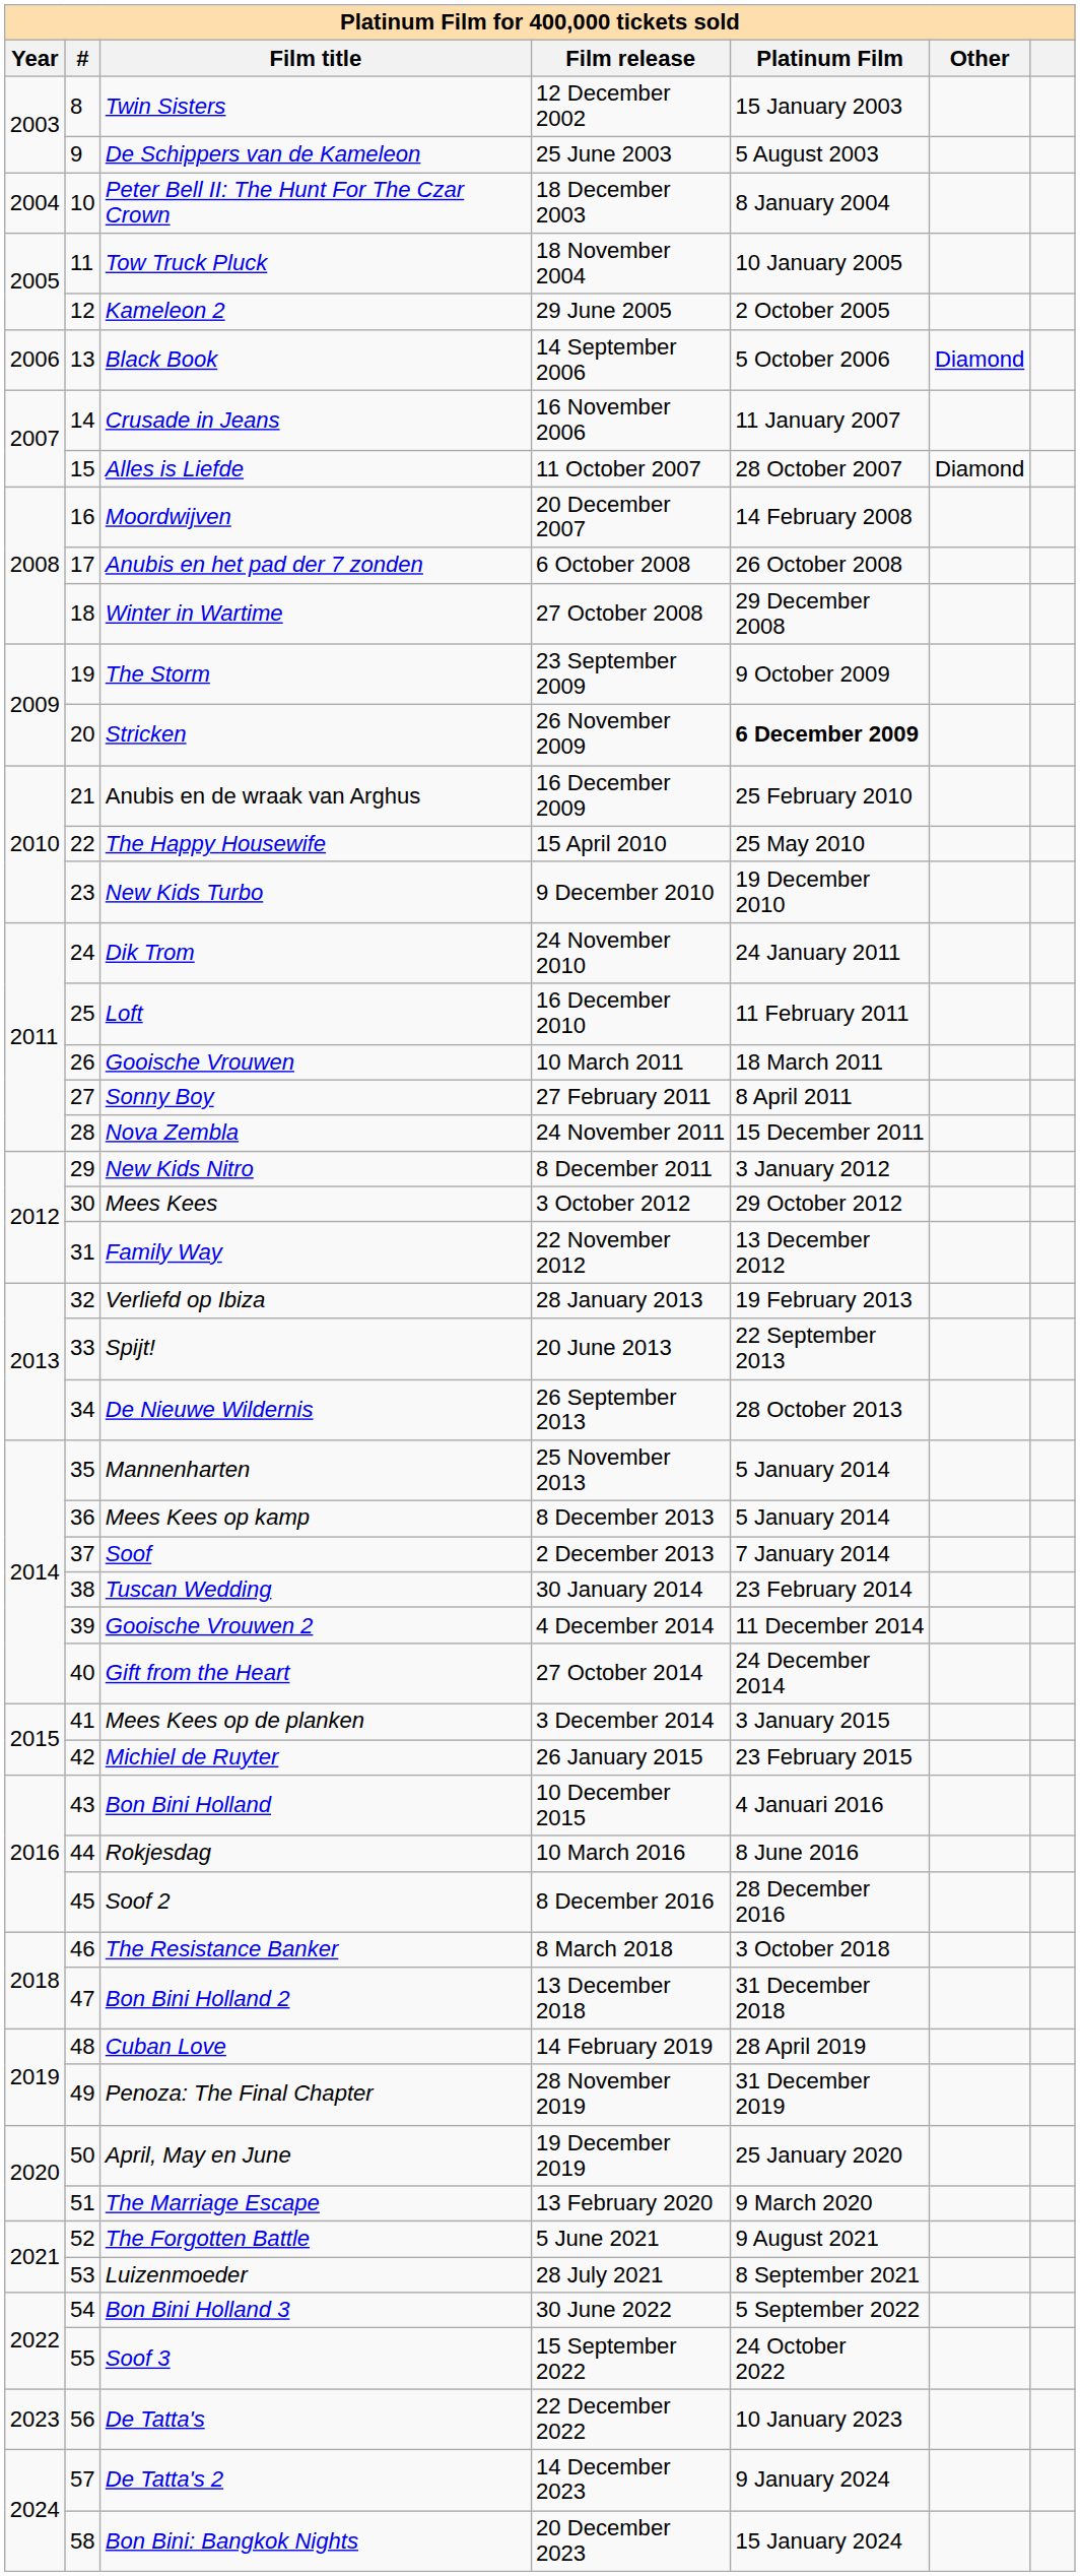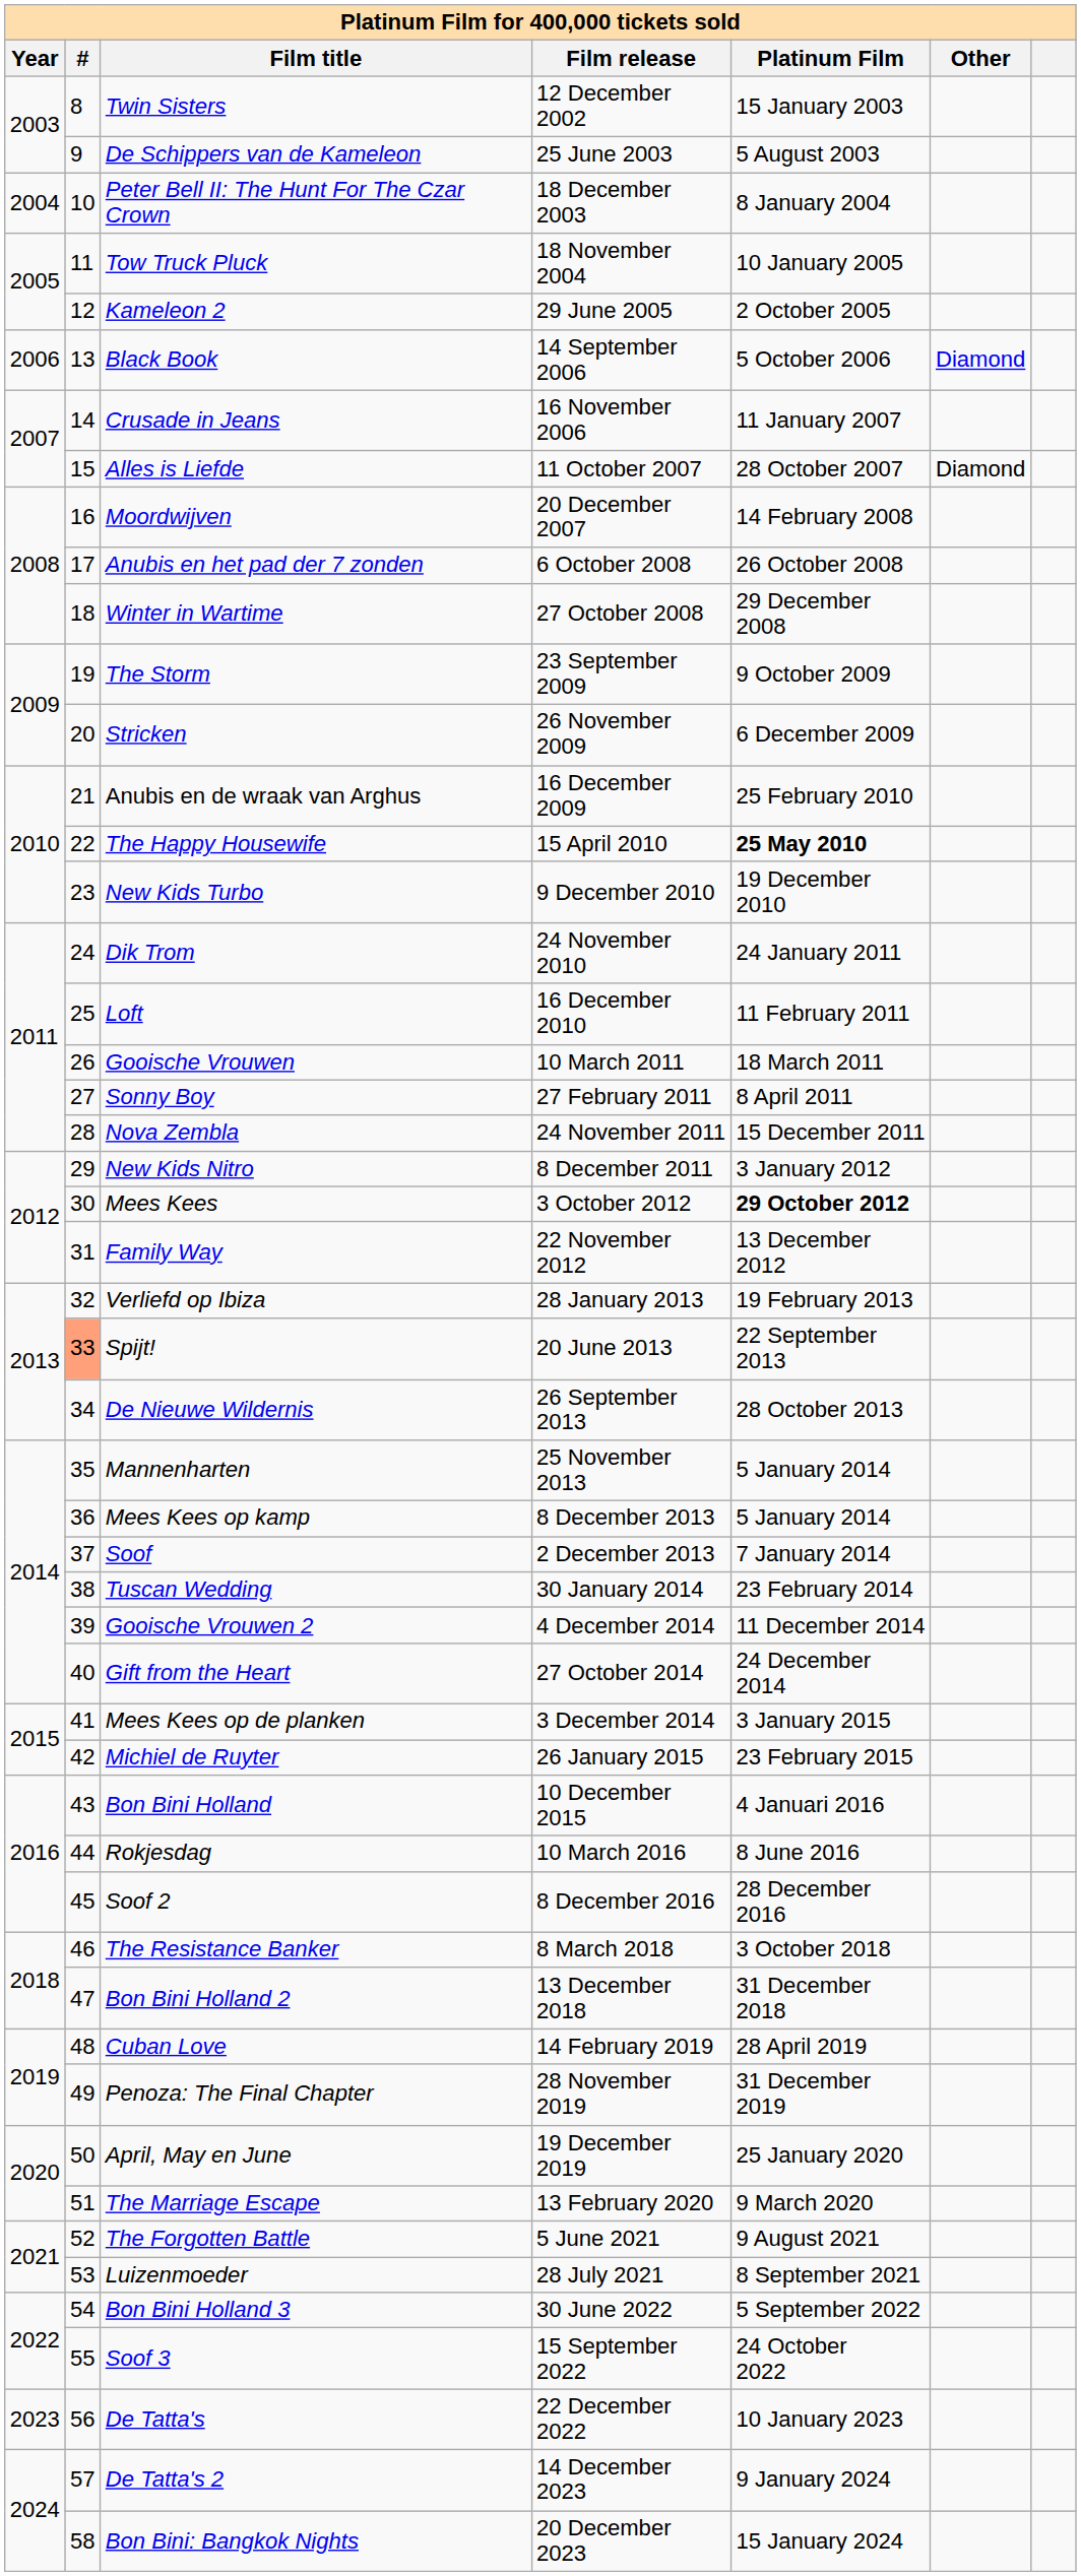 <table class="wikitable">
 <tr>
 <th colspan="7" style="background: #ffdead;">Platinum Film for 400,000 tickets sold</th>
 </tr>
 <tr>
 <th>Year</th>
 <th style="width: 10px;">#</th>
 <th style="width: 300px;">Film title</th>
 <th style="width: 135px;">Film release</th>
 <th style="width: 135px;">Platinum Film</th>
 <th style="width: 50px;" class="unsortable">Other</th>
 <th style="width: 25px;" class="unsortable"></th>
 </tr>
 <tr>
 <td rowspan="2">2003</td>
 <td>8</td>
 <td><em><a href='#'>Twin Sisters</a></em></td>
 <td>12 December 2002</td>
 <td>15 January 2003</td>
 <td></td>
 <td></td>
 </tr>
 <tr>
 <td>9</td>
 <td><em><a href='#'>De Schippers van de Kameleon</a></em></td>
 <td>25 June 2003</td>
 <td>5 August 2003</td>
 <td></td>
 <td></td>
 </tr>
 <tr>
 <td>2004</td>
 <td>10</td>
 <td><em><a href='#'>Peter Bell II: The Hunt For The Czar Crown</a></em></td>
 <td>18 December 2003</td>
 <td>8 January 2004</td>
 <td></td>
 <td></td>
 </tr>
 <tr>
 <td rowspan="2">2005</td>
 <td>11</td>
 <td><em><a href='#'>Tow Truck Pluck</a></em></td>
 <td>18 November 2004</td>
 <td>10 January 2005</td>
 <td></td>
 <td></td>
 </tr>
 <tr>
 <td>12</td>
 <td><em><a href='#'>Kameleon 2</a></em></td>
 <td>29 June 2005</td>
 <td>2 October 2005</td>
 <td></td>
 <td></td>
 </tr>
 <tr>
 <td>2006</td>
 <td>13</td>
 <td><em><a href='#'>Black Book</a></em></td>
 <td>14 September 2006</td>
 <td>5 October 2006</td>
 <td><a href='#'>Diamond</a></td>
 <td></td>
 </tr>
 <tr>
 <td rowspan="2">2007</td>
 <td>14</td>
 <td><em><a href='#'>Crusade in Jeans</a></em></td>
 <td>16 November 2006</td>
 <td>11 January 2007</td>
 <td></td>
 <td></td>
 </tr>
 <tr>
 <td>15</td>
 <td><em><a href='#'>Alles is Liefde</a></em></td>
 <td>11 October 2007</td>
 <td>28 October 2007</td>
 <td>Diamond</td>
 <td></td>
 </tr>
 <tr>
 <td rowspan="3">2008</td>
 <td>16</td>
 <td><em><a href='#'>Moordwijven</a></em></td>
 <td>20 December 2007</td>
 <td>14 February 2008</td>
 <td></td>
 <td></td>
 </tr>
 <tr>
 <td>17</td>
 <td><em><a href='#'>Anubis en het pad der 7 zonden</a></em></td>
 <td>6 October 2008</td>
 <td>26 October 2008</td>
 <td></td>
 <td></td>
 </tr>
 <tr>
 <td>18</td>
 <td><em><a href='#'>Winter in Wartime</a></em></td>
 <td>27 October 2008</td>
 <td>29 December 2008</td>
 <td></td>
 <td></td>
 </tr>
 <tr>
 <td rowspan="2">2009</td>
 <td>19</td>
 <td><em><a href='#'>The Storm</a></em></td>
 <td>23 September 2009</td>
 <td>9 October 2009</td>
 <td></td>
 <td></td>
 </tr>
 <tr>
 <td>20</td>
 <td><em><a href='#'>Stricken</a></em></td>
 <td>26 November 2009</td>
-<td><strong>6 December 2009</strong></td>
+<td>6 December 2009</td>
 <td></td>
 <td></td>
 </tr>
 <tr>
 <td rowspan="3">2010</td>
 <td>21</td>
 <td>Anubis en de wraak van Arghus</td>
 <td>16 December 2009</td>
 <td>25 February 2010</td>
 <td></td>
 <td></td>
 </tr>
 <tr>
 <td>22</td>
 <td><em><a href='#'>The Happy Housewife</a></em></td>
 <td>15 April 2010</td>
-<td>25 May 2010</td>
+<td><strong>25 May 2010</strong></td>
 <td></td>
 <td></td>
 </tr>
 <tr>
 <td>23</td>
 <td><em><a href='#'>New Kids Turbo</a></em></td>
 <td>9 December 2010</td>
 <td>19 December 2010</td>
 <td></td>
 <td></td>
 </tr>
 <tr>
 <td rowspan="5">2011</td>
 <td>24</td>
 <td><em><a href='#'>Dik Trom</a></em></td>
 <td>24 November 2010</td>
 <td>24 January 2011</td>
 <td></td>
 <td></td>
 </tr>
 <tr>
 <td>25</td>
 <td><em><a href='#'>Loft</a></em></td>
 <td>16 December 2010</td>
 <td>11 February 2011</td>
 <td></td>
 <td></td>
 </tr>
 <tr>
 <td>26</td>
 <td><em><a href='#'>Gooische Vrouwen</a></em></td>
 <td>10 March 2011</td>
 <td>18 March 2011</td>
 <td></td>
 <td></td>
 </tr>
 <tr>
 <td>27</td>
 <td><em><a href='#'>Sonny Boy</a></em></td>
 <td>27 February 2011</td>
 <td>8 April 2011</td>
 <td></td>
 <td></td>
 </tr>
 <tr>
 <td>28</td>
 <td><em><a href='#'>Nova Zembla</a></em></td>
 <td>24 November 2011</td>
 <td>15 December 2011</td>
 <td></td>
 <td></td>
 </tr>
 <tr>
 <td rowspan="3">2012</td>
 <td>29</td>
 <td><em><a href='#'>New Kids Nitro</a></em></td>
 <td>8 December 2011</td>
 <td>3 January 2012</td>
 <td></td>
 <td></td>
 </tr>
 <tr>
 <td>30</td>
 <td><em>Mees Kees</em></td>
 <td>3 October 2012</td>
-<td>29 October 2012</td>
+<td><strong>29 October 2012</strong></td>
 <td></td>
 <td></td>
 </tr>
 <tr>
 <td>31</td>
 <td><em><a href='#'>Family Way</a></em></td>
 <td>22 November 2012</td>
 <td>13 December 2012</td>
 <td></td>
 <td></td>
 </tr>
 <tr>
 <td rowspan="3">2013</td>
 <td>32</td>
 <td><em>Verliefd op Ibiza</em></td>
 <td>28 January 2013</td>
 <td>19 February 2013</td>
 <td></td>
 <td></td>
 </tr>
 <tr>
-<td>33</td>
+<td style="background: lightsalmon;">33</td>
 <td><em>Spijt!</em></td>
 <td>20 June 2013</td>
 <td>22 September 2013</td>
 <td></td>
 <td></td>
 </tr>
 <tr>
 <td>34</td>
 <td><em><a href='#'>De Nieuwe Wildernis</a></em></td>
 <td>26 September 2013</td>
 <td>28 October 2013</td>
 <td></td>
 <td></td>
 </tr>
 <tr>
 <td rowspan="6">2014</td>
 <td>35</td>
 <td><em>Mannenharten</em></td>
 <td>25 November 2013</td>
 <td>5 January 2014</td>
 <td></td>
 <td></td>
 </tr>
 <tr>
 <td>36</td>
 <td><em>Mees Kees op kamp</em></td>
 <td>8 December 2013</td>
 <td>5 January 2014</td>
 <td></td>
 <td></td>
 </tr>
 <tr>
 <td>37</td>
 <td><em><a href='#'>Soof</a></em></td>
 <td>2 December 2013</td>
 <td>7 January 2014</td>
 <td></td>
 <td></td>
 </tr>
 <tr>
 <td>38</td>
 <td><em><a href='#'>Tuscan Wedding</a></em></td>
 <td>30 January 2014</td>
 <td>23 February 2014</td>
 <td></td>
 <td></td>
 </tr>
 <tr>
 <td>39</td>
 <td><em><a href='#'>Gooische Vrouwen 2</a></em></td>
 <td>4 December 2014</td>
 <td>11 December 2014</td>
 <td></td>
 <td></td>
 </tr>
 <tr>
 <td>40</td>
 <td><em><a href='#'>Gift from the Heart</a></em></td>
 <td>27 October 2014</td>
 <td>24 December 2014</td>
 <td></td>
 <td></td>
 </tr>
 <tr>
 <td rowspan="2">2015</td>
 <td>41</td>
 <td><em>Mees Kees op de planken</em></td>
 <td>3 December 2014</td>
 <td>3 January 2015</td>
 <td></td>
 <td></td>
 </tr>
 <tr>
 <td>42</td>
 <td><em><a href='#'>Michiel de Ruyter</a></em></td>
 <td>26 January 2015</td>
 <td>23 February 2015</td>
 <td></td>
 <td></td>
 </tr>
 <tr>
 <td rowspan="3">2016</td>
 <td>43</td>
 <td><em><a href='#'>Bon Bini Holland</a></em></td>
 <td>10 December 2015</td>
 <td>4 Januari 2016</td>
 <td></td>
 <td></td>
 </tr>
 <tr>
 <td>44</td>
 <td><em>Rokjesdag</em></td>
 <td>10 March 2016</td>
 <td>8 June 2016</td>
 <td></td>
 <td></td>
 </tr>
 <tr>
 <td>45</td>
 <td><em>Soof 2</em></td>
 <td>8 December 2016</td>
 <td>28 December 2016</td>
 <td></td>
 <td></td>
 </tr>
 <tr>
 <td rowspan="2">2018</td>
 <td>46</td>
 <td><em><a href='#'>The Resistance Banker</a></em></td>
 <td>8 March 2018</td>
 <td>3 October 2018</td>
 <td></td>
 <td></td>
 </tr>
 <tr>
 <td>47</td>
 <td><em><a href='#'>Bon Bini Holland 2</a></em></td>
 <td>13 December 2018</td>
 <td>31 December 2018</td>
 <td></td>
 <td></td>
 </tr>
 <tr>
 <td rowspan="2">2019</td>
 <td>48</td>
 <td><em><a href='#'>Cuban Love</a></em></td>
 <td>14 February 2019</td>
 <td>28 April 2019</td>
 <td></td>
 <td></td>
 </tr>
 <tr>
 <td>49</td>
 <td><em>Penoza: The Final Chapter</em></td>
 <td>28 November 2019</td>
 <td>31 December 2019</td>
 <td></td>
 <td></td>
 </tr>
 <tr>
 <td rowspan="2">2020</td>
 <td>50</td>
 <td><em>April, May en June</em></td>
 <td>19 December 2019</td>
 <td>25 January 2020</td>
 <td></td>
 <td></td>
 </tr>
 <tr>
 <td>51</td>
 <td><em><a href='#'>The Marriage Escape</a></em></td>
 <td>13 February 2020</td>
 <td>9 March 2020</td>
 <td></td>
 <td></td>
 </tr>
 <tr>
 <td rowspan="2">2021</td>
 <td>52</td>
 <td><em><a href='#'>The Forgotten Battle</a></em></td>
 <td>5 June 2021</td>
 <td>9 August 2021</td>
 <td></td>
 <td></td>
 </tr>
 <tr>
 <td>53</td>
 <td><em>Luizenmoeder</em></td>
 <td>28 July 2021</td>
 <td>8 September 2021</td>
 <td></td>
 <td></td>
 </tr>
 <tr>
 <td rowspan="2">2022</td>
 <td>54</td>
 <td><em><a href='#'>Bon Bini Holland 3</a></em></td>
 <td>30 June 2022</td>
 <td>5 September 2022</td>
 <td></td>
 <td></td>
 </tr>
 <tr>
 <td>55</td>
 <td><em><a href='#'>Soof 3</a></em></td>
 <td>15 September 2022</td>
 <td>24 October<br>2022</td>
 <td></td>
 <td></td>
 </tr>
 <tr>
 <td>2023</td>
 <td>56</td>
 <td><em><a href='#'>De Tatta's</a></em></td>
 <td>22 December 2022</td>
 <td>10 January 2023</td>
 <td></td>
 <td></td>
 </tr>
 <tr>
 <td rowspan="2">2024</td>
 <td>57</td>
 <td><em><a href='#'>De Tatta's 2</a></em></td>
 <td>14 December 2023</td>
 <td>9 January 2024</td>
 <td></td>
 <td></td>
 </tr>
 <tr>
 <td>58</td>
 <td><em><a href='#'>Bon Bini: Bangkok Nights</a></em></td>
 <td>20 December 2023</td>
 <td>15 January 2024</td>
 <td></td>
 <td></td>
 </tr>
 </table>
